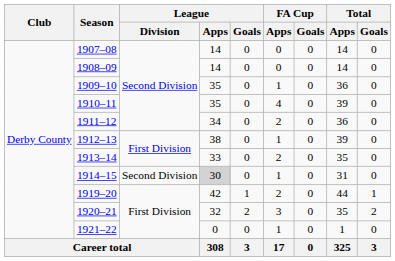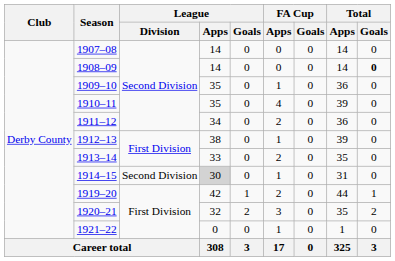 <table class="wikitable" style="text-align: center;">
 <tr>
 <th rowspan="2">Club</th>
 <th rowspan="2">Season</th>
 <th colspan="3">League</th>
 <th colspan="2">FA Cup</th>
 <th colspan="2">Total</th>
 </tr>
 <tr>
 <th>Division</th>
 <th>Apps</th>
 <th>Goals</th>
 <th>Apps</th>
 <th>Goals</th>
 <th>Apps</th>
 <th>Goals</th>
 </tr>
 <tr>
 <td rowspan="11"><a href='#'>Derby County</a></td>
 <td><a href='#'>1907–08</a></td>
 <td rowspan="5"><a href='#'>Second Division</a></td>
 <td>14</td>
 <td>0</td>
 <td>0</td>
 <td>0</td>
 <td>14</td>
 <td>0</td>
 </tr>
 <tr>
 <td><a href='#'>1908–09</a></td>
 <td>14</td>
 <td>0</td>
 <td>0</td>
 <td>0</td>
 <td>14</td>
-<td>0</td>
+<td><strong>0</strong></td>
 </tr>
 <tr>
 <td><a href='#'>1909–10</a></td>
 <td>35</td>
 <td>0</td>
 <td>1</td>
 <td>0</td>
 <td>36</td>
 <td>0</td>
 </tr>
 <tr>
 <td><a href='#'>1910–11</a></td>
 <td>35</td>
 <td>0</td>
 <td>4</td>
 <td>0</td>
 <td>39</td>
 <td>0</td>
 </tr>
 <tr>
 <td><a href='#'>1911–12</a></td>
 <td>34</td>
 <td>0</td>
 <td>2</td>
 <td>0</td>
 <td>36</td>
 <td>0</td>
 </tr>
 <tr>
 <td><a href='#'>1912–13</a></td>
 <td rowspan="2"><a href='#'>First Division</a></td>
 <td>38</td>
 <td>0</td>
 <td>1</td>
 <td>0</td>
 <td>39</td>
 <td>0</td>
 </tr>
 <tr>
 <td><a href='#'>1913–14</a></td>
 <td>33</td>
 <td>0</td>
 <td>2</td>
 <td>0</td>
 <td>35</td>
 <td>0</td>
 </tr>
 <tr>
 <td><a href='#'>1914–15</a></td>
 <td>Second Division</td>
 <td style="background: lightgrey;">30</td>
 <td>0</td>
 <td>1</td>
 <td>0</td>
 <td>31</td>
 <td>0</td>
 </tr>
 <tr>
 <td><a href='#'>1919–20</a></td>
 <td rowspan="3">First Division</td>
 <td>42</td>
 <td>1</td>
 <td>2</td>
 <td>0</td>
 <td>44</td>
 <td>1</td>
 </tr>
 <tr>
 <td><a href='#'>1920–21</a></td>
 <td>32</td>
 <td>2</td>
 <td>3</td>
 <td>0</td>
 <td>35</td>
 <td>2</td>
 </tr>
 <tr>
 <td><a href='#'>1921–22</a></td>
 <td>0</td>
 <td>0</td>
 <td>1</td>
 <td>0</td>
 <td>1</td>
 <td>0</td>
 </tr>
 <tr>
 <th colspan="3">Career total</th>
 <th>308</th>
 <th>3</th>
 <th>17</th>
 <th>0</th>
 <th>325</th>
 <th>3</th>
 </tr>
 </table>
